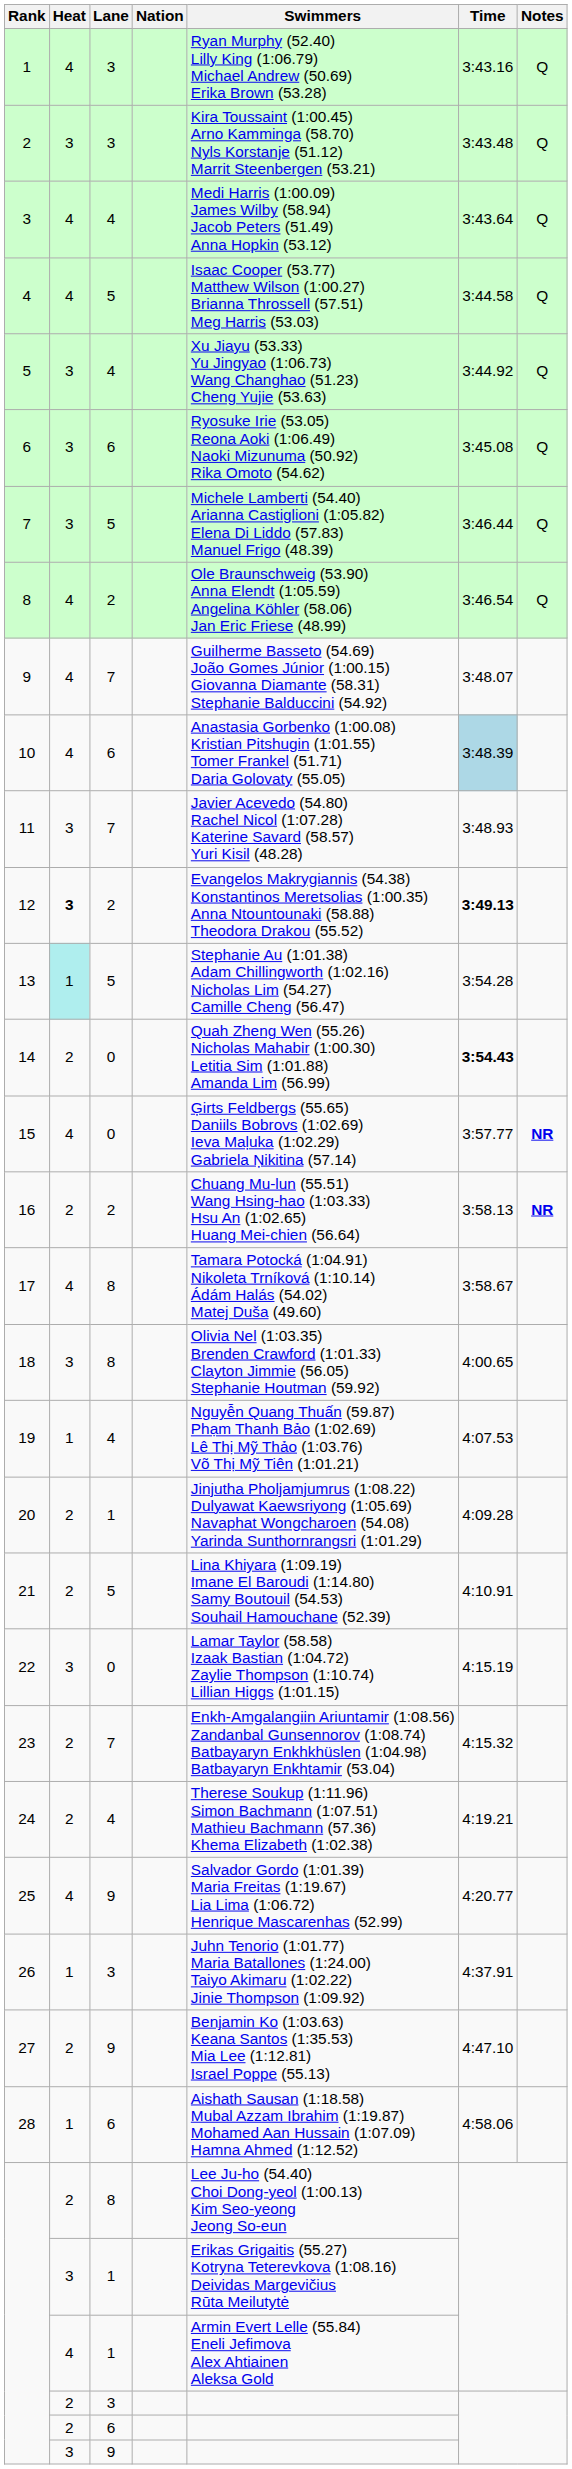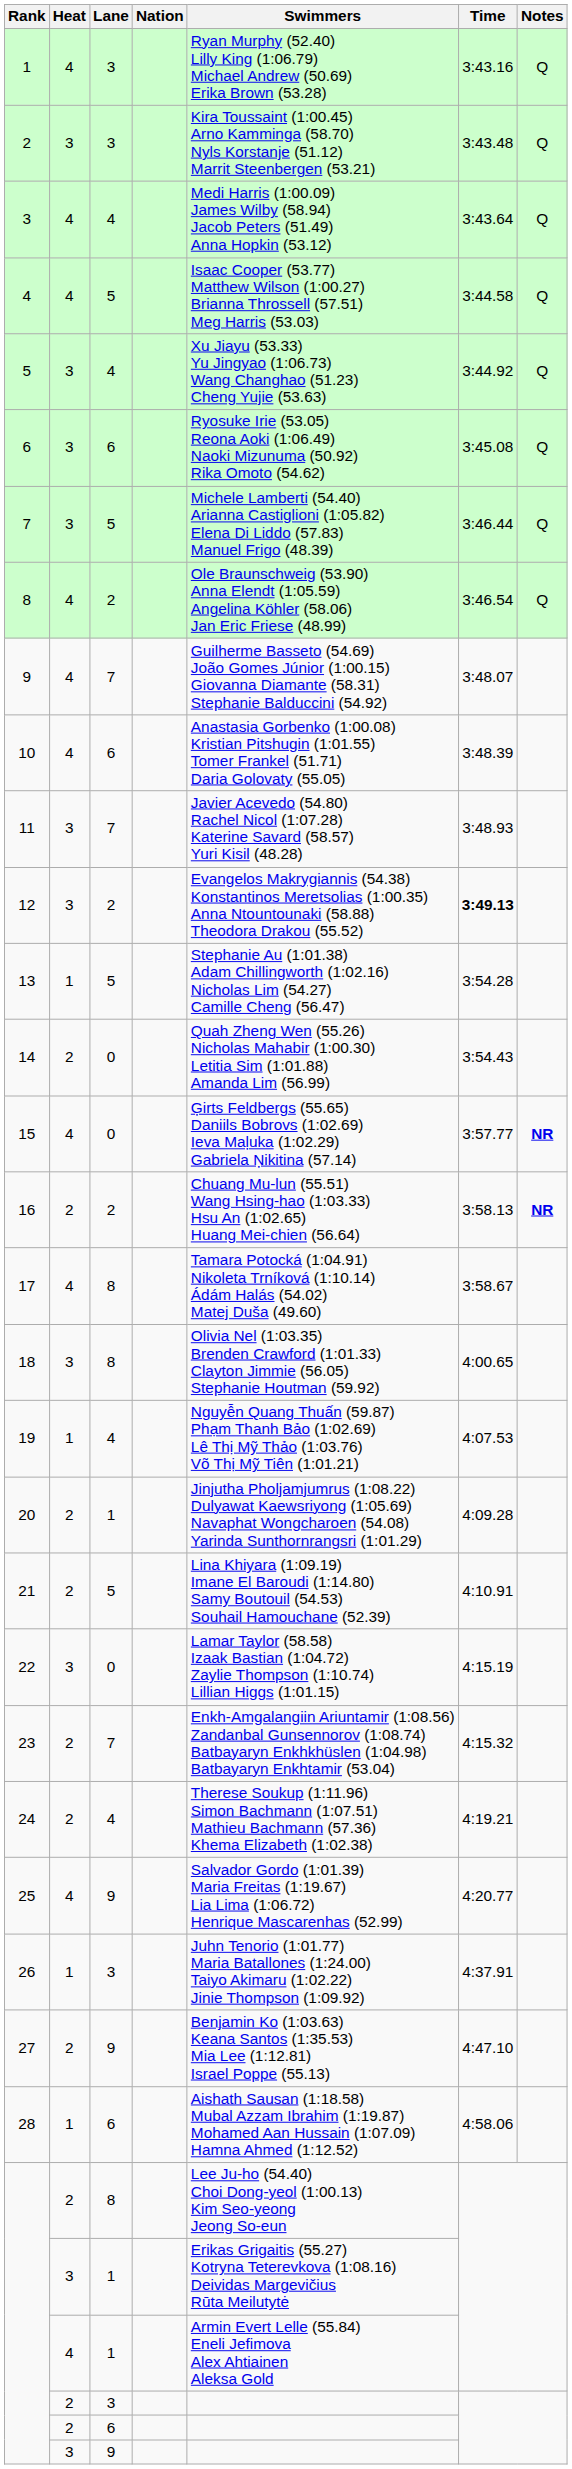 <table class="wikitable sortable" style="text-align:center">
 <tr>
 <th>Rank</th>
 <th>Heat</th>
 <th>Lane</th>
 <th>Nation</th>
 <th>Swimmers</th>
 <th>Time</th>
 <th>Notes</th>
 </tr>
 <tr bgcolor=ccffcc>
 <td>1</td>
 <td>4</td>
 <td>3</td>
 <td align=left></td>
 <td align=left><a href='#'>Ryan Murphy</a> (52.40)<br><a href='#'>Lilly King</a> (1:06.79)<br><a href='#'>Michael Andrew</a> (50.69)<br><a href='#'>Erika Brown</a> (53.28)</td>
 <td>3:43.16</td>
 <td>Q</td>
 </tr>
 <tr bgcolor=ccffcc>
 <td>2</td>
 <td>3</td>
 <td>3</td>
 <td align=left></td>
 <td align=left><a href='#'>Kira Toussaint</a> (1:00.45)<br><a href='#'>Arno Kamminga</a> (58.70)<br><a href='#'>Nyls Korstanje</a> (51.12)<br><a href='#'>Marrit Steenbergen</a> (53.21)</td>
 <td>3:43.48</td>
 <td>Q</td>
 </tr>
 <tr bgcolor=ccffcc>
 <td>3</td>
 <td>4</td>
 <td>4</td>
 <td align=left></td>
 <td align=left><a href='#'>Medi Harris</a> (1:00.09)<br><a href='#'>James Wilby</a> (58.94)<br><a href='#'>Jacob Peters</a> (51.49)<br><a href='#'>Anna Hopkin</a> (53.12)</td>
 <td>3:43.64</td>
 <td>Q</td>
 </tr>
 <tr bgcolor=ccffcc>
 <td>4</td>
 <td>4</td>
 <td>5</td>
 <td align=left></td>
 <td align=left><a href='#'>Isaac Cooper</a> (53.77)<br><a href='#'>Matthew Wilson</a> (1:00.27)<br><a href='#'>Brianna Throssell</a> (57.51)<br><a href='#'>Meg Harris</a> (53.03)</td>
 <td>3:44.58</td>
 <td>Q</td>
 </tr>
 <tr bgcolor=ccffcc>
 <td>5</td>
 <td>3</td>
 <td>4</td>
 <td align=left></td>
 <td align=left><a href='#'>Xu Jiayu</a> (53.33)<br><a href='#'>Yu Jingyao</a> (1:06.73)<br><a href='#'>Wang Changhao</a> (51.23)<br><a href='#'>Cheng Yujie</a> (53.63)</td>
 <td>3:44.92</td>
 <td>Q</td>
 </tr>
 <tr bgcolor=ccffcc>
 <td>6</td>
 <td>3</td>
 <td>6</td>
 <td align=left></td>
 <td align=left><a href='#'>Ryosuke Irie</a> (53.05)<br><a href='#'>Reona Aoki</a> (1:06.49)<br><a href='#'>Naoki Mizunuma</a> (50.92)<br><a href='#'>Rika Omoto</a> (54.62)</td>
 <td>3:45.08</td>
 <td>Q</td>
 </tr>
 <tr bgcolor=ccffcc>
 <td>7</td>
 <td>3</td>
 <td>5</td>
 <td align=left></td>
 <td align=left><a href='#'>Michele Lamberti</a> (54.40)<br><a href='#'>Arianna Castiglioni</a> (1:05.82)<br><a href='#'>Elena Di Liddo</a> (57.83)<br><a href='#'>Manuel Frigo</a> (48.39)</td>
 <td>3:46.44</td>
 <td>Q</td>
 </tr>
 <tr bgcolor=ccffcc>
 <td>8</td>
 <td>4</td>
 <td>2</td>
 <td align=left></td>
 <td align=left><a href='#'>Ole Braunschweig</a> (53.90)<br><a href='#'>Anna Elendt</a> (1:05.59)<br><a href='#'>Angelina Köhler</a> (58.06)<br><a href='#'>Jan Eric Friese</a> (48.99)</td>
 <td>3:46.54</td>
 <td>Q</td>
 </tr>
 <tr>
 <td>9</td>
 <td>4</td>
 <td>7</td>
 <td align=left></td>
 <td align=left><a href='#'>Guilherme Basseto</a> (54.69)<br><a href='#'>João Gomes Júnior</a> (1:00.15)<br><a href='#'>Giovanna Diamante</a> (58.31)<br><a href='#'>Stephanie Balduccini</a> (54.92)</td>
 <td>3:48.07</td>
 <td></td>
 </tr>
 <tr>
 <td>10</td>
 <td>4</td>
 <td>6</td>
 <td align=left></td>
 <td align=left><a href='#'>Anastasia Gorbenko</a> (1:00.08)<br><a href='#'>Kristian Pitshugin</a> (1:01.55)<br><a href='#'>Tomer Frankel</a> (51.71)<br><a href='#'>Daria Golovaty</a> (55.05)</td>
-<td style="background: lightblue;">3:48.39</td>
+<td>3:48.39</td>
 <td></td>
 </tr>
 <tr>
 <td>11</td>
 <td>3</td>
 <td>7</td>
 <td align=left></td>
 <td align=left><a href='#'>Javier Acevedo</a> (54.80)<br><a href='#'>Rachel Nicol</a> (1:07.28)<br><a href='#'>Katerine Savard</a> (58.57)<br><a href='#'>Yuri Kisil</a> (48.28)</td>
 <td>3:48.93</td>
 <td></td>
 </tr>
 <tr>
 <td>12</td>
-<td><strong>3</strong></td>
+<td>3</td>
 <td>2</td>
 <td align=left></td>
 <td align=left><a href='#'>Evangelos Makrygiannis</a> (54.38)<br><a href='#'>Konstantinos Meretsolias</a> (1:00.35)<br><a href='#'>Anna Ntountounaki</a> (58.88)<br><a href='#'>Theodora Drakou</a> (55.52)</td>
 <td><strong>3:49.13</strong></td>
 <td></td>
 </tr>
 <tr>
 <td>13</td>
-<td style="background: paleturquoise;">1</td>
+<td>1</td>
 <td>5</td>
 <td align=left></td>
 <td align=left><a href='#'>Stephanie Au</a> (1:01.38)<br><a href='#'>Adam Chillingworth</a> (1:02.16)<br><a href='#'>Nicholas Lim</a> (54.27)<br><a href='#'>Camille Cheng</a> (56.47)</td>
 <td>3:54.28</td>
 <td></td>
 </tr>
 <tr>
 <td>14</td>
 <td>2</td>
 <td>0</td>
 <td align=left></td>
 <td align=left><a href='#'>Quah Zheng Wen</a> (55.26)<br><a href='#'>Nicholas Mahabir</a> (1:00.30)<br><a href='#'>Letitia Sim</a> (1:01.88)<br><a href='#'>Amanda Lim</a> (56.99)</td>
-<td><strong>3:54.43</strong></td>
+<td>3:54.43</td>
 <td></td>
 </tr>
 <tr>
 <td>15</td>
 <td>4</td>
 <td>0</td>
 <td align=left></td>
 <td align=left><a href='#'>Ģirts Feldbergs</a> (55.65)<br><a href='#'>Daniils Bobrovs</a> (1:02.69)<br><a href='#'>Ieva Maļuka</a> (1:02.29)<br><a href='#'>Gabriela Ņikitina</a> (57.14)</td>
 <td>3:57.77</td>
 <td><strong><a href='#'>NR</a></strong></td>
 </tr>
 <tr>
 <td>16</td>
 <td>2</td>
 <td>2</td>
 <td align=left></td>
 <td align=left><a href='#'>Chuang Mu-lun</a> (55.51)<br><a href='#'>Wang Hsing-hao</a> (1:03.33)<br><a href='#'>Hsu An</a> (1:02.65)<br><a href='#'>Huang Mei-chien</a> (56.64)</td>
 <td>3:58.13</td>
 <td><strong><a href='#'>NR</a></strong></td>
 </tr>
 <tr>
 <td>17</td>
 <td>4</td>
 <td>8</td>
 <td align=left></td>
 <td align=left><a href='#'>Tamara Potocká</a> (1:04.91)<br><a href='#'>Nikoleta Trníková</a> (1:10.14)<br><a href='#'>Ádám Halás</a> (54.02)<br><a href='#'>Matej Duša</a> (49.60)</td>
 <td>3:58.67</td>
 <td></td>
 </tr>
 <tr>
 <td>18</td>
 <td>3</td>
 <td>8</td>
 <td align=left></td>
 <td align=left><a href='#'>Olivia Nel</a> (1:03.35)<br><a href='#'>Brenden Crawford</a> (1:01.33)<br><a href='#'>Clayton Jimmie</a> (56.05)<br><a href='#'>Stephanie Houtman</a> (59.92)</td>
 <td>4:00.65</td>
 <td></td>
 </tr>
 <tr>
 <td>19</td>
 <td>1</td>
 <td>4</td>
 <td align=left></td>
 <td align=left><a href='#'>Nguyễn Quang Thuấn</a> (59.87)<br><a href='#'>Phạm Thanh Bảo</a> (1:02.69)<br><a href='#'>Lê Thị Mỹ Thảo</a> (1:03.76)<br><a href='#'>Võ Thị Mỹ Tiên</a> (1:01.21)</td>
 <td>4:07.53</td>
 <td></td>
 </tr>
 <tr>
 <td>20</td>
 <td>2</td>
 <td>1</td>
 <td align=left></td>
 <td align=left><a href='#'>Jinjutha Pholjamjumrus</a> (1:08.22)<br><a href='#'>Dulyawat Kaewsriyong</a> (1:05.69)<br><a href='#'>Navaphat Wongcharoen</a> (54.08)<br><a href='#'>Yarinda Sunthornrangsri</a> (1:01.29)</td>
 <td>4:09.28</td>
 <td></td>
 </tr>
 <tr>
 <td>21</td>
 <td>2</td>
 <td>5</td>
 <td align=left></td>
 <td align=left><a href='#'>Lina Khiyara</a> (1:09.19)<br><a href='#'>Imane El Baroudi</a> (1:14.80)<br><a href='#'>Samy Boutouil</a> (54.53)<br><a href='#'>Souhail Hamouchane</a> (52.39)</td>
 <td>4:10.91</td>
 <td></td>
 </tr>
 <tr>
 <td>22</td>
 <td>3</td>
 <td>0</td>
 <td align=left></td>
 <td align=left><a href='#'>Lamar Taylor</a> (58.58)<br><a href='#'>Izaak Bastian</a> (1:04.72)<br><a href='#'>Zaylie Thompson</a> (1:10.74)<br><a href='#'>Lillian Higgs</a> (1:01.15)</td>
 <td>4:15.19</td>
 <td></td>
 </tr>
 <tr>
 <td>23</td>
 <td>2</td>
 <td>7</td>
 <td align=left></td>
 <td align=left><a href='#'>Enkh-Amgalangiin Ariuntamir</a> (1:08.56)<br><a href='#'>Zandanbal Gunsennorov</a> (1:08.74)<br><a href='#'>Batbayaryn Enkhkhüslen</a> (1:04.98)<br><a href='#'>Batbayaryn Enkhtamir</a> (53.04)</td>
 <td>4:15.32</td>
 <td></td>
 </tr>
 <tr>
 <td>24</td>
 <td>2</td>
 <td>4</td>
 <td align=left></td>
 <td align=left><a href='#'>Therese Soukup</a> (1:11.96)<br><a href='#'>Simon Bachmann</a> (1:07.51)<br><a href='#'>Mathieu Bachmann</a> (57.36)<br><a href='#'>Khema Elizabeth</a> (1:02.38)</td>
 <td>4:19.21</td>
 <td></td>
 </tr>
 <tr>
 <td>25</td>
 <td>4</td>
 <td>9</td>
 <td align=left></td>
 <td align=left><a href='#'>Salvador Gordo</a> (1:01.39)<br><a href='#'>Maria Freitas</a> (1:19.67)<br><a href='#'>Lia Lima</a> (1:06.72)<br><a href='#'>Henrique Mascarenhas</a> (52.99)</td>
 <td>4:20.77</td>
 <td></td>
 </tr>
 <tr>
 <td>26</td>
 <td>1</td>
 <td>3</td>
 <td align=left></td>
 <td align=left><a href='#'>Juhn Tenorio</a> (1:01.77)<br><a href='#'>Maria Batallones</a> (1:24.00)<br><a href='#'>Taiyo Akimaru</a> (1:02.22)<br><a href='#'>Jinie Thompson</a> (1:09.92)</td>
 <td>4:37.91</td>
 <td></td>
 </tr>
 <tr>
 <td>27</td>
 <td>2</td>
 <td>9</td>
 <td align=left></td>
 <td align=left><a href='#'>Benjamin Ko</a> (1:03.63)<br><a href='#'>Keana Santos</a> (1:35.53)<br><a href='#'>Mia Lee</a> (1:12.81)<br><a href='#'>Israel Poppe</a> (55.13)</td>
 <td>4:47.10</td>
 <td></td>
 </tr>
 <tr>
 <td>28</td>
 <td>1</td>
 <td>6</td>
 <td align=left></td>
 <td align=left><a href='#'>Aishath Sausan</a> (1:18.58)<br><a href='#'>Mubal Azzam Ibrahim</a> (1:19.87)<br><a href='#'>Mohamed Aan Hussain</a> (1:07.09)<br><a href='#'>Hamna Ahmed</a> (1:12.52)</td>
 <td>4:58.06</td>
 <td></td>
 </tr>
 <tr>
 <td rowspan=6></td>
 <td>2</td>
 <td>8</td>
 <td align=left></td>
 <td align=left><a href='#'>Lee Ju-ho</a> (54.40)<br><a href='#'>Choi Dong-yeol</a> (1:00.13)<br><a href='#'>Kim Seo-yeong</a><br><a href='#'>Jeong So-eun</a></td>
 <td colspan="2" rowspan="3"></td>
 </tr>
 <tr>
 <td>3</td>
 <td>1</td>
 <td align=left></td>
 <td align=left><a href='#'>Erikas Grigaitis</a> (55.27)<br><a href='#'>Kotryna Teterevkova</a> (1:08.16)<br><a href='#'>Deividas Margevičius</a><br><a href='#'>Rūta Meilutytė</a></td>
 </tr>
 <tr>
 <td>4</td>
 <td>1</td>
 <td align=left></td>
 <td align=left><a href='#'>Armin Evert Lelle</a> (55.84)<br><a href='#'>Eneli Jefimova</a><br><a href='#'>Alex Ahtiainen</a><br><a href='#'>Aleksa Gold</a></td>
 </tr>
 <tr>
 <td>2</td>
 <td>3</td>
 <td align=left></td>
 <td></td>
 <td colspan=2 rowspan=3></td>
 </tr>
 <tr>
 <td>2</td>
 <td>6</td>
 <td align=left></td>
 <td></td>
 </tr>
 <tr>
 <td>3</td>
 <td>9</td>
 <td align=left></td>
 <td></td>
 </tr>
 </table>
